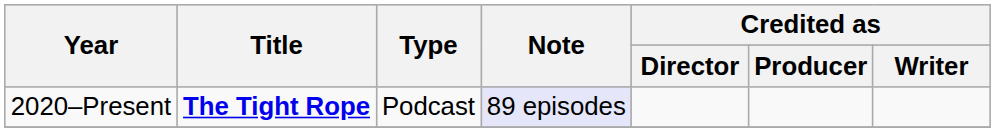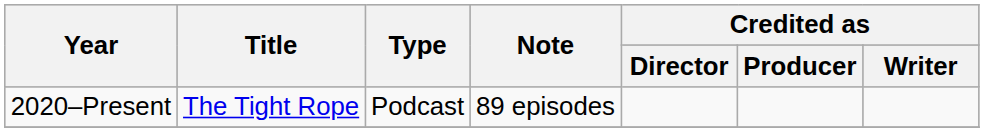 <table class="wikitable sortable">
 <tr>
 <th rowspan="2">Year</th>
 <th rowspan="2">Title</th>
 <th rowspan="2">Type</th>
 <th rowspan="2">Note</th>
 <th colspan="4">Credited as</th>
 </tr>
 <tr>
 <th width="65">Director</th>
 <th width="65">Producer</th>
 <th width="65">Writer</th>
 </tr>
 <tr>
 <td>2020–Present</td>
-<td><strong><a href='#'>The Tight Rope</a></strong></td>
+<td><a href='#'>The Tight Rope</a></td>
 <td>Podcast</td>
-<td style="background: lavender;">89 episodes</td>
+<td>89 episodes</td>
 <td></td>
 <td></td>
 <td></td>
 </tr>
 <tr>
 </tr>
 </table>
